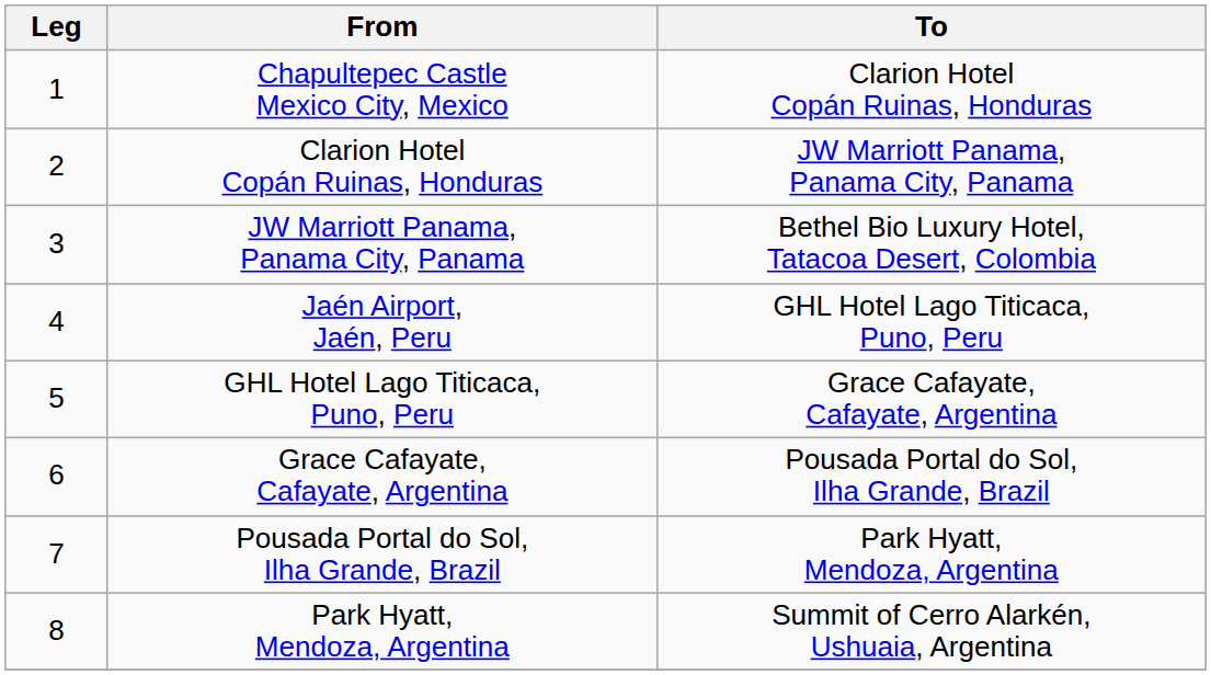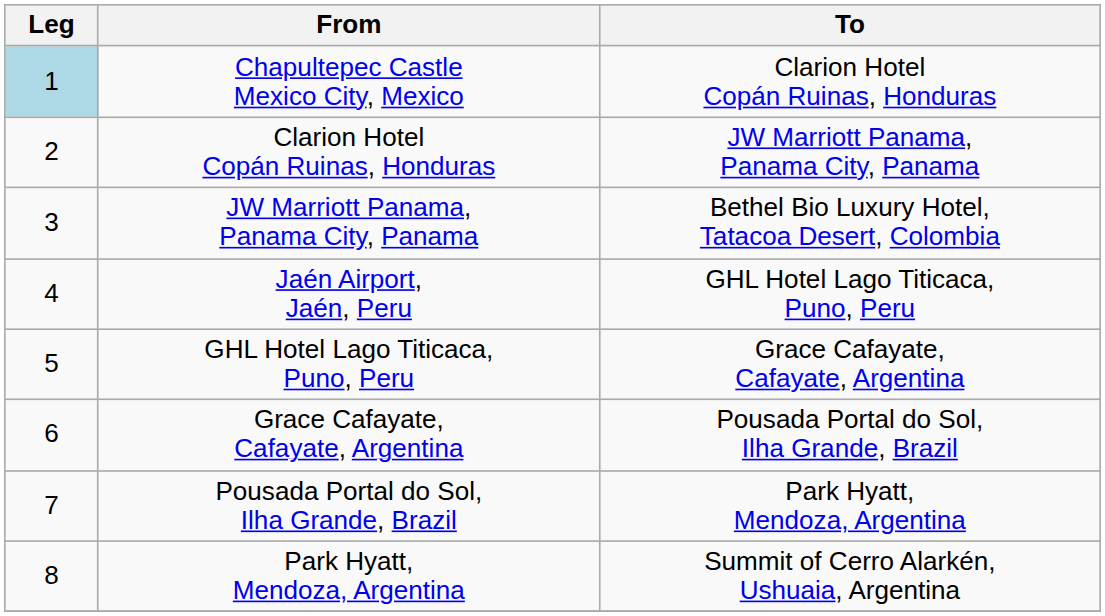 <table class="wikitable">
 <tr>
 <th style="width:50px">Leg</th>
 <th style="width:300px">From</th>
 <th style="width:300px">To</th>
 </tr>
 <tr>
-<td style="text-align:center">1</td>
+<td style="background: lightblue; text-align:center">1</td>
 <td style="text-align:center"><a href='#'>Chapultepec Castle</a><br><a href='#'>Mexico City</a>, <a href='#'>Mexico</a></td>
 <td style="text-align:center">Clarion Hotel<br><a href='#'>Copán Ruinas</a>, <a href='#'>Honduras</a></td>
 </tr>
 <tr>
 <td style="text-align:center">2</td>
 <td style="text-align:center">Clarion Hotel<br><a href='#'>Copán Ruinas</a>, <a href='#'>Honduras</a></td>
 <td style="text-align:center"><a href='#'>JW Marriott Panama</a>,<br> <a href='#'>Panama City</a>, <a href='#'>Panama</a></td>
 </tr>
 <tr>
 <td style="text-align:center">3</td>
 <td style="text-align:center"><a href='#'>JW Marriott Panama</a>,<br> <a href='#'>Panama City</a>, <a href='#'>Panama</a></td>
 <td style="text-align:center">Bethel Bio Luxury Hotel,<br> <a href='#'>Tatacoa Desert</a>, <a href='#'>Colombia</a></td>
 </tr>
 <tr>
 <td style="text-align:center">4</td>
 <td style="text-align:center"><a href='#'>Jaén Airport</a>,<br> <a href='#'>Jaén</a>, <a href='#'>Peru</a></td>
 <td style="text-align:center">GHL Hotel Lago Titicaca,<br> <a href='#'>Puno</a>, <a href='#'>Peru</a></td>
 </tr>
 <tr>
 <td style="text-align:center">5</td>
 <td style="text-align:center">GHL Hotel Lago Titicaca,<br> <a href='#'>Puno</a>, <a href='#'>Peru</a></td>
 <td style="text-align:center">Grace Cafayate,<br> <a href='#'>Cafayate</a>, <a href='#'>Argentina</a></td>
 </tr>
 <tr>
 <td style="text-align:center">6</td>
 <td style="text-align:center">Grace Cafayate,<br> <a href='#'>Cafayate</a>, <a href='#'>Argentina</a></td>
 <td style="text-align:center">Pousada Portal do Sol,<br> <a href='#'>Ilha Grande</a>, <a href='#'>Brazil</a></td>
 </tr>
 <tr>
 <td style="text-align:center">7</td>
 <td style="text-align:center">Pousada Portal do Sol,<br> <a href='#'>Ilha Grande</a>, <a href='#'>Brazil</a></td>
 <td style="text-align:center">Park Hyatt,<br> <a href='#'>Mendoza, Argentina</a></td>
 </tr>
 <tr>
 <td style="text-align:center">8</td>
 <td style="text-align:center">Park Hyatt,<br> <a href='#'>Mendoza, Argentina</a></td>
 <td style="text-align:center">Summit of Cerro Alarkén,<br> <a href='#'>Ushuaia</a>, Argentina</td>
 </tr>
 <tr>
 </tr>
 </table>
